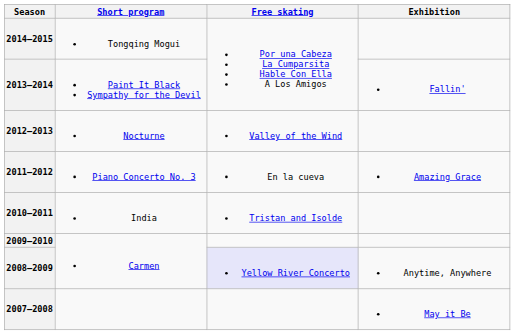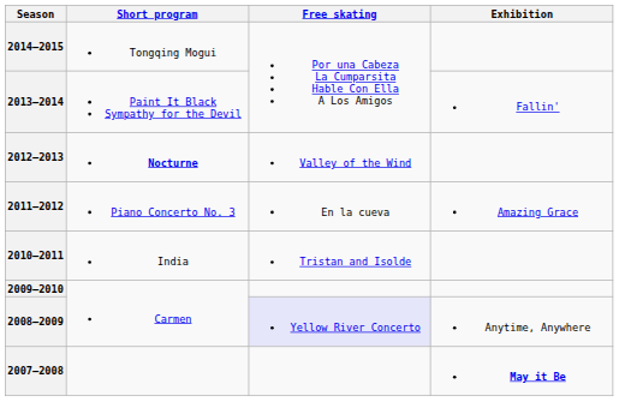 <table class="wikitable" style="text-align: center">
 <tr>
 <th width="10%">Season</th>
 <th width="30%"><a href='#'>Short program</a></th>
 <th width="30%"><a href='#'>Free skating</a></th>
 <th width="30%">Exhibition</th>
 </tr>
 <tr>
 <th>2014–2015 <br> </th>
 <td><br><ul><li>Tongqing Mogui</li></ul></td>
 <td rowspan=2><br><ul><li><a href='#'>Por una Cabeza</a> <br> </li><li><a href='#'>La Cumparsita</a> <br> </li><li><a href='#'>Hable Con Ella</a> <br> </li><li>A Los Amigos <br> </li></ul></td>
 <td></td>
 </tr>
 <tr>
 <th>2013–2014 <br> </th>
 <td><br><ul><li><a href='#'>Paint It Black</a></li><li><a href='#'>Sympathy for the Devil</a> <br> </li></ul></td>
 <td><br><ul><li><a href='#'>Fallin'</a> <br> </li></ul></td>
 </tr>
 <tr>
 <th>2012–2013 <br> </th>
-<td><br><ul><li><a href='#'>Nocturne</a> <br> </li></ul></td>
+<td><strong><br><ul><li><a href='#'>Nocturne</a> <br> </li></ul></strong></td>
 <td><br><ul><li><a href='#'>Valley of the Wind</a> <br> </li></ul></td>
 <td></td>
 </tr>
 <tr>
 <th>2011–2012 <br> </th>
 <td><br><ul><li><a href='#'>Piano Concerto No. 3</a> <br> </li></ul></td>
 <td><br><ul><li>En la cueva <br> </li></ul></td>
 <td><br><ul><li><a href='#'>Amazing Grace</a></li></ul></td>
 </tr>
 <tr>
 <th>2010–2011 <br> </th>
 <td><br><ul><li>India <br> </li></ul></td>
 <td><br><ul><li><a href='#'>Tristan and Isolde</a> <br> </li></ul></td>
 <td></td>
 </tr>
 <tr>
 <th>2009–2010</th>
 <td rowspan=2><br><ul><li><a href='#'>Carmen</a> <br> </li></ul></td>
 <td></td>
 <td></td>
 </tr>
 <tr>
 <th>2008–2009</th>
 <td style="background: lavender;"><br><ul><li><a href='#'>Yellow River Concerto</a> <br> </li></ul></td>
 <td><br><ul><li>Anytime, Anywhere <br> </li></ul></td>
 </tr>
 <tr>
 <th>2007–2008</th>
 <td></td>
 <td></td>
-<td><br><ul><li><a href='#'>May it Be</a> <br> </li></ul></td>
+<td><strong><br><ul><li><a href='#'>May it Be</a> <br> </li></ul></strong></td>
 </tr>
 </table>
